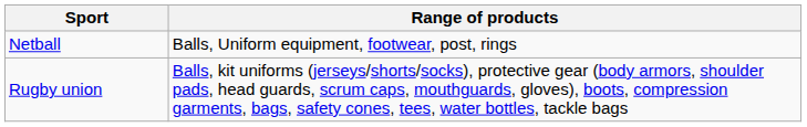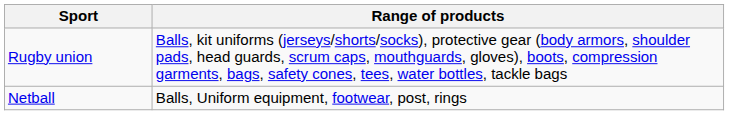 <table class="wikitable " style="text-align:left">
 <tr>
 <th width=150px>Sport</th>
 <th width=600px>Range of products</th>
 </tr>
 <tr>
+<td><a href='#'>Rugby union</a></td>
+<td><a href='#'>Balls</a>, kit uniforms (<a href='#'>jerseys</a>/<a href='#'>shorts</a>/<a href='#'>socks</a>), protective gear (<a href='#'>body armors</a>, <a href='#'>shoulder pads</a>, head guards, <a href='#'>scrum caps</a>, <a href='#'>mouthguards</a>, gloves), <a href='#'>boots</a>, <a href='#'>compression garments</a>, <a href='#'>bags</a>, <a href='#'>safety cones</a>, <a href='#'>tees</a>, <a href='#'>water bottles</a>, tackle bags</td>
+</tr>
+<tr>
 <td><a href='#'>Netball</a></td>
 <td>Balls, Uniform equipment, <a href='#'>footwear</a>, post, rings</td>
 </tr>
-<tr>
-<td><a href='#'>Rugby union</a></td>
-<td><a href='#'>Balls</a>, kit uniforms (<a href='#'>jerseys</a>/<a href='#'>shorts</a>/<a href='#'>socks</a>), protective gear (<a href='#'>body armors</a>, <a href='#'>shoulder pads</a>, head guards, <a href='#'>scrum caps</a>, <a href='#'>mouthguards</a>, gloves), <a href='#'>boots</a>, <a href='#'>compression garments</a>, <a href='#'>bags</a>, <a href='#'>safety cones</a>, <a href='#'>tees</a>, <a href='#'>water bottles</a>, tackle bags</td>
-</tr>
 </table>
